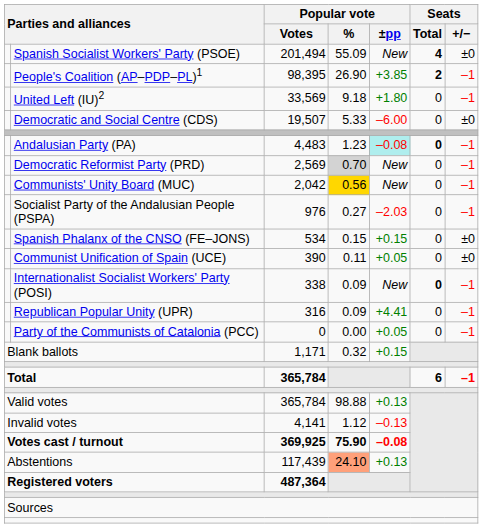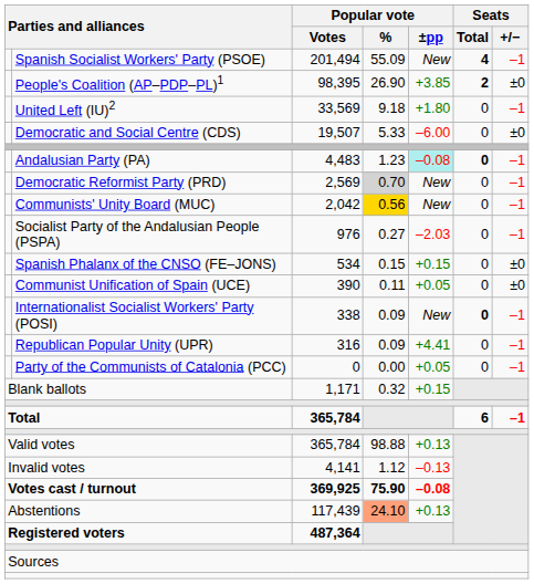 <table class="wikitable" style="text-align:right;">
 <tr>
 <th style="text-align:left;" rowspan="2" colspan="2" width="525">Parties and alliances</th>
 <th colspan="3">Popular vote</th>
 <th colspan="2">Seats</th>
 </tr>
 <tr>
 <th width="75">Votes</th>
 <th width="45">%</th>
 <th width="45">±<a href='#'>pp</a></th>
 <th width="35">Total</th>
 <th width="35">+/−</th>
 </tr>
 <tr>
 <td width="1" style="color:inherit;background:"></td>
 <td align="left"><a href='#'>Spanish Socialist Workers' Party</a> (PSOE)</td>
 <td>201,494</td>
 <td>55.09</td>
 <td><em>New</em></td>
 <td><strong>4</strong></td>
-<td>±0</td>
+<td style="color:red;">–1</td>
 </tr>
 <tr>
 <td style="color:inherit;background:"></td>
 <td align="left"><a href='#'>People's Coalition</a> (<a href='#'>AP</a>–<a href='#'>PDP</a>–<a href='#'>PL</a>)<sup>1</sup></td>
 <td>98,395</td>
 <td>26.90</td>
 <td style="color:green;">+3.85</td>
 <td><strong>2</strong></td>
-<td style="color:red;">–1</td>
+<td>±0</td>
 </tr>
 <tr>
 <td style="color:inherit;background:"></td>
 <td align="left"><a href='#'>United Left</a> (IU)<sup>2</sup></td>
 <td>33,569</td>
 <td>9.18</td>
 <td style="color:green;">+1.80</td>
 <td>0</td>
 <td style="color:red;">–1</td>
 </tr>
 <tr>
 <td style="color:inherit;background:"></td>
 <td align="left"><a href='#'>Democratic and Social Centre</a> (CDS)</td>
 <td>19,507</td>
 <td>5.33</td>
 <td style="color:red;">–6.00</td>
 <td>0</td>
 <td>±0</td>
 </tr>
 <tr>
 <td colspan="7" bgcolor="#C0C0C0"></td>
 </tr>
 <tr>
 <td style="color:inherit;background:"></td>
 <td align="left"><a href='#'>Andalusian Party</a> (PA)</td>
 <td>4,483</td>
 <td>1.23</td>
 <td style="background: paleturquoise; color:red;">–0.08</td>
 <td><strong>0</strong></td>
 <td style="color:red;">–1</td>
 </tr>
 <tr>
 <td style="color:inherit;background:"></td>
 <td align="left"><a href='#'>Democratic Reformist Party</a> (PRD)</td>
 <td>2,569</td>
 <td style="background: lightgrey;">0.70</td>
 <td><em>New</em></td>
 <td>0</td>
 <td style="color:red;">–1</td>
 </tr>
 <tr>
 <td style="color:inherit;background:"></td>
 <td align="left"><a href='#'>Communists' Unity Board</a> (MUC)</td>
 <td>2,042</td>
 <td style="background: gold;">0.56</td>
 <td><em>New</em></td>
 <td>0</td>
 <td style="color:red;">–1</td>
 </tr>
 <tr>
 <td style="color:inherit;background:"></td>
 <td align="left">Socialist Party of the Andalusian People (PSPA)</td>
 <td>976</td>
 <td>0.27</td>
 <td style="color:red;">–2.03</td>
 <td>0</td>
 <td style="color:red;">–1</td>
 </tr>
 <tr>
 <td style="color:inherit;background:"></td>
 <td align="left"><a href='#'>Spanish Phalanx of the CNSO</a> (FE–JONS)</td>
 <td>534</td>
 <td>0.15</td>
 <td style="color:green;">+0.15</td>
 <td>0</td>
 <td>±0</td>
 </tr>
 <tr>
 <td style="color:inherit;background:"></td>
 <td align="left"><a href='#'>Communist Unification of Spain</a> (UCE)</td>
 <td>390</td>
 <td>0.11</td>
 <td style="color:green;">+0.05</td>
 <td>0</td>
 <td>±0</td>
 </tr>
 <tr>
 <td style="color:inherit;background:"></td>
 <td align="left"><a href='#'>Internationalist Socialist Workers' Party</a> (POSI)</td>
 <td>338</td>
 <td>0.09</td>
 <td><em>New</em></td>
 <td><strong>0</strong></td>
 <td style="color:red;">–1</td>
 </tr>
 <tr>
 <td style="color:inherit;background:"></td>
 <td align="left"><a href='#'>Republican Popular Unity</a> (UPR)</td>
 <td>316</td>
 <td>0.09</td>
 <td style="color:green;">+4.41</td>
 <td>0</td>
 <td style="color:red;">–1</td>
 </tr>
 <tr>
 <td style="color:inherit;background:"></td>
 <td align="left"><a href='#'>Party of the Communists of Catalonia</a> (PCC)</td>
 <td>0</td>
 <td>0.00</td>
 <td style="color:green;">+0.05</td>
 <td>0</td>
 <td style="color:red;">–1</td>
 </tr>
 <tr>
 <td align="left" colspan="2">Blank ballots</td>
 <td>1,171</td>
 <td>0.32</td>
 <td style="color:green;">+0.15</td>
 <td bgcolor="#E9E9E9" colspan="2"></td>
 </tr>
 <tr>
 <td colspan="7" bgcolor="#E9E9E9"></td>
 </tr>
 <tr style="font-weight:bold;">
 <td align="left" colspan="2">Total</td>
 <td>365,784</td>
 <td bgcolor="#E9E9E9" colspan="2"></td>
 <td>6</td>
 <td style="color:red;">–1</td>
 </tr>
 <tr>
 <td colspan="7" bgcolor="#E9E9E9"></td>
 </tr>
 <tr>
 <td align="left" colspan="2">Valid votes</td>
 <td>365,784</td>
 <td>98.88</td>
 <td style="color:green;">+0.13</td>
 <td bgcolor="#E9E9E9" colspan="2" rowspan="5"></td>
 </tr>
 <tr>
 <td align="left" colspan="2">Invalid votes</td>
 <td>4,141</td>
 <td>1.12</td>
 <td style="color:red;">–0.13</td>
 </tr>
 <tr style="font-weight:bold;">
 <td align="left" colspan="2">Votes cast / turnout</td>
 <td>369,925</td>
 <td>75.90</td>
 <td style="color:red;">–0.08</td>
 </tr>
 <tr>
 <td align="left" colspan="2">Abstentions</td>
 <td>117,439</td>
 <td style="background: lightsalmon;">24.10</td>
 <td style="color:green;">+0.13</td>
 </tr>
 <tr style="font-weight:bold;">
 <td align="left" colspan="2">Registered voters</td>
 <td>487,364</td>
 <td bgcolor="#E9E9E9" colspan="2"></td>
 </tr>
 <tr>
 <td colspan="7" bgcolor="#E9E9E9"></td>
 </tr>
 <tr>
 <td align="left" colspan="7">Sources</td>
 </tr>
 <tr>
 <td colspan="7" style="text-align:left; max-width:790px;"></td>
 </tr>
 </table>
